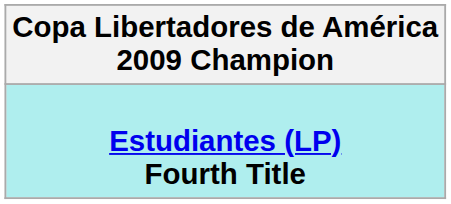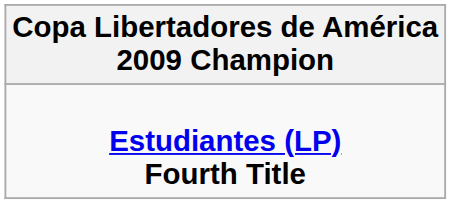 <table class="wikitable" style="text-align: center; margin: 0 auto;">
 <tr>
 <th>Copa Libertadores de América<br>2009 Champion</th>
 </tr>
 <tr>
-<td style="background: paleturquoise;"><br><strong><a href='#'>Estudiantes (LP)</a></strong><br><strong>Fourth Title</strong></td>
+<td><br><strong><a href='#'>Estudiantes (LP)</a></strong><br><strong>Fourth Title</strong></td>
 </tr>
 </table>
